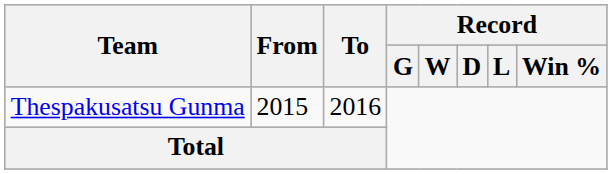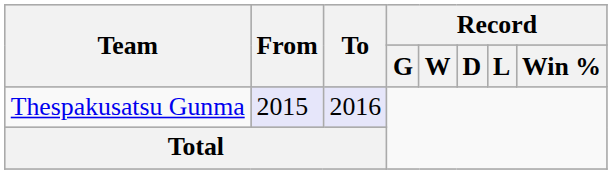 <table class="wikitable" style="text-align: center">
 <tr>
 <th rowspan="2">Team</th>
 <th rowspan="2">From</th>
 <th rowspan="2">To</th>
 <th colspan="5">Record</th>
 </tr>
 <tr>
 <th>G</th>
 <th>W</th>
 <th>D</th>
 <th>L</th>
 <th>Win %</th>
 </tr>
 <tr>
 <td align="left"><a href='#'>Thespakusatsu Gunma</a></td>
-<td align="left">2015</td>
-<td align="left">2016<br></td>
+<td align="left" style="background: lavender;">2015</td>
+<td align="left" style="background: lavender;">2016<br></td>
 </tr>
 <tr>
 <th colspan="3">Total<br></th>
 </tr>
 </table>
